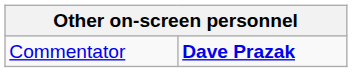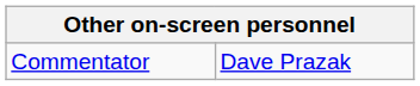 <table align="right" class="wikitable" style="border:1px; font-size:90%; margin-left:1em;">
 <tr>
 <th colspan="2" width="250"><strong>Other on-screen personnel</strong></th>
 </tr>
 <tr>
 <td><a href='#'>Commentator</a></td>
-<td><strong><a href='#'>Dave Prazak</a></strong></td>
+<td><a href='#'>Dave Prazak</a></td>
 </tr>
 </table>
